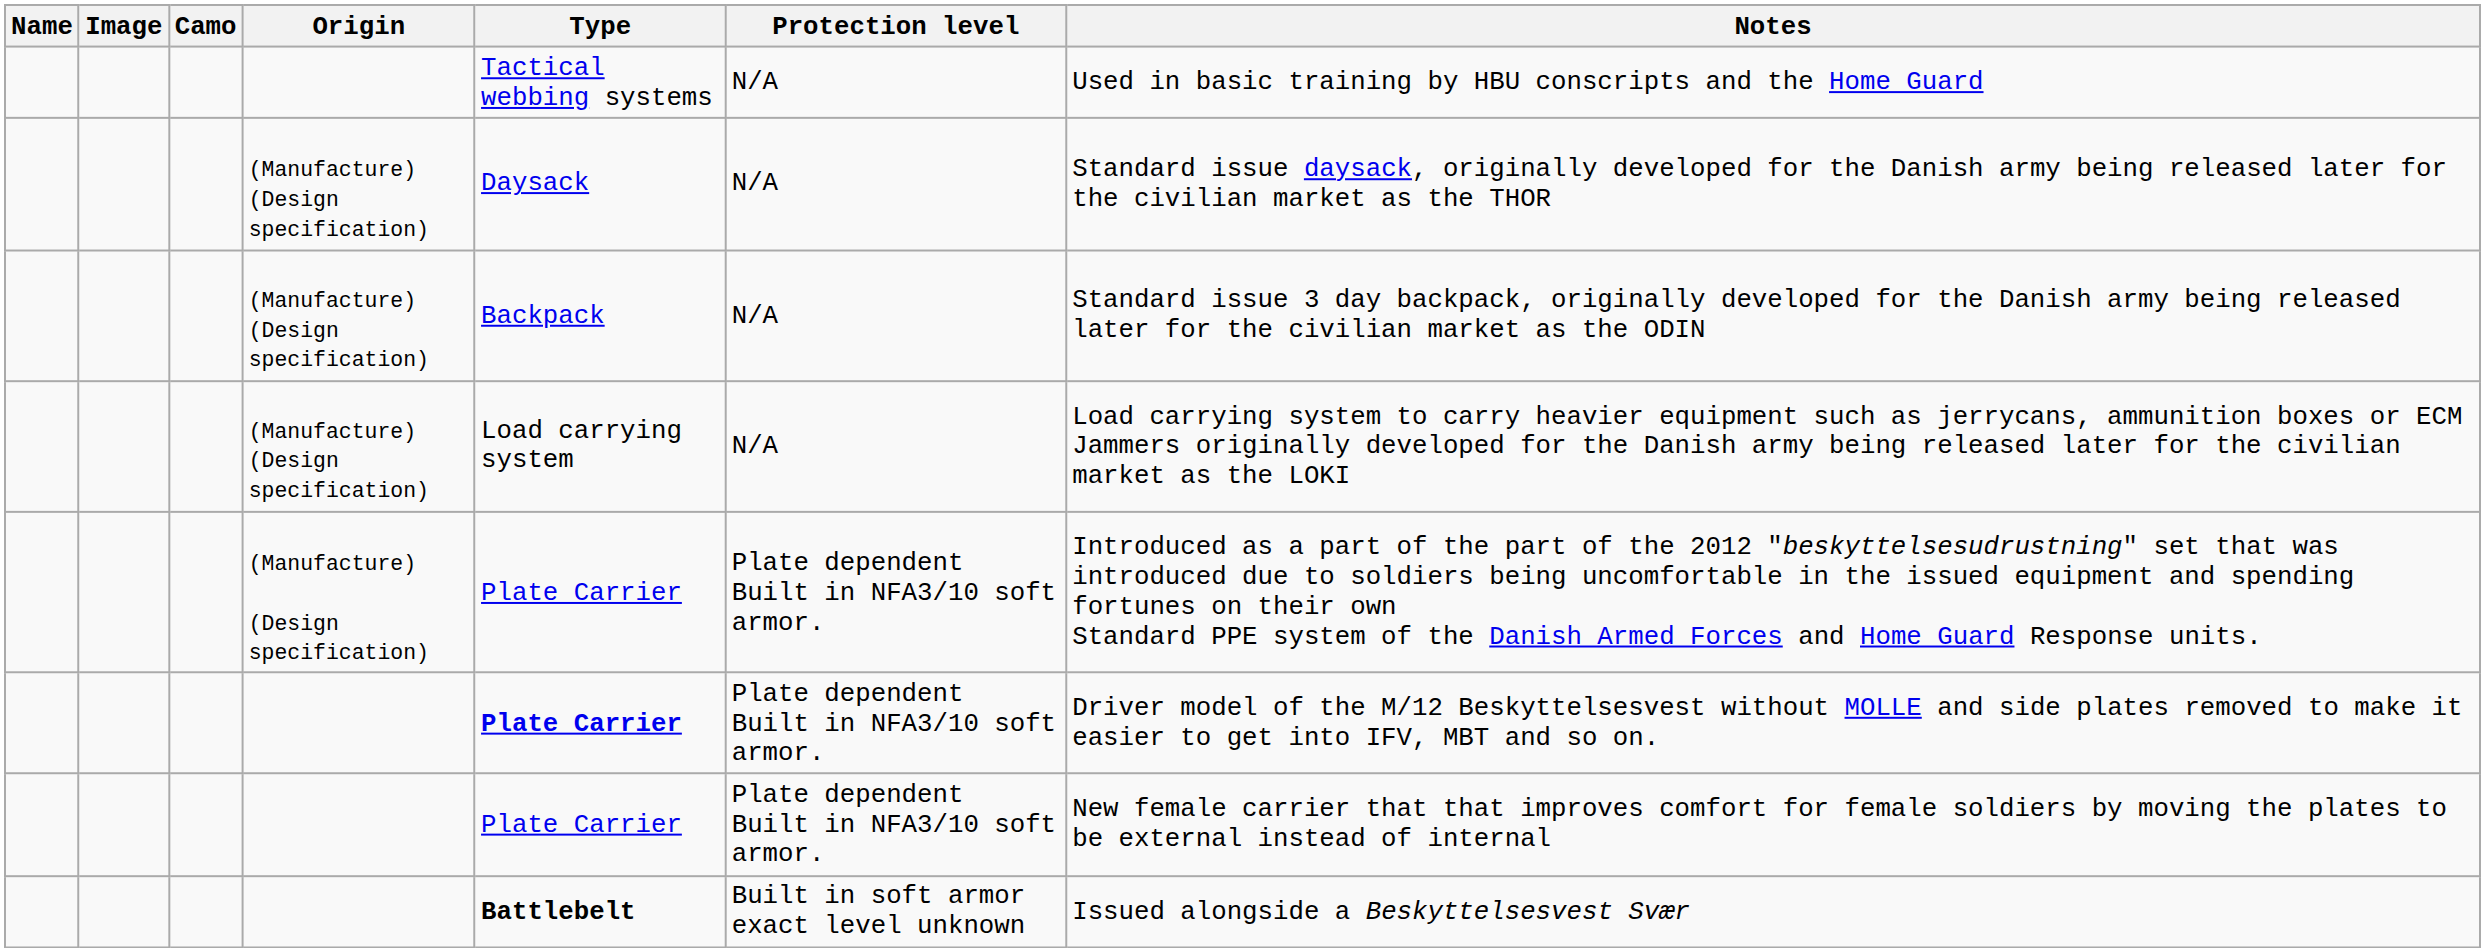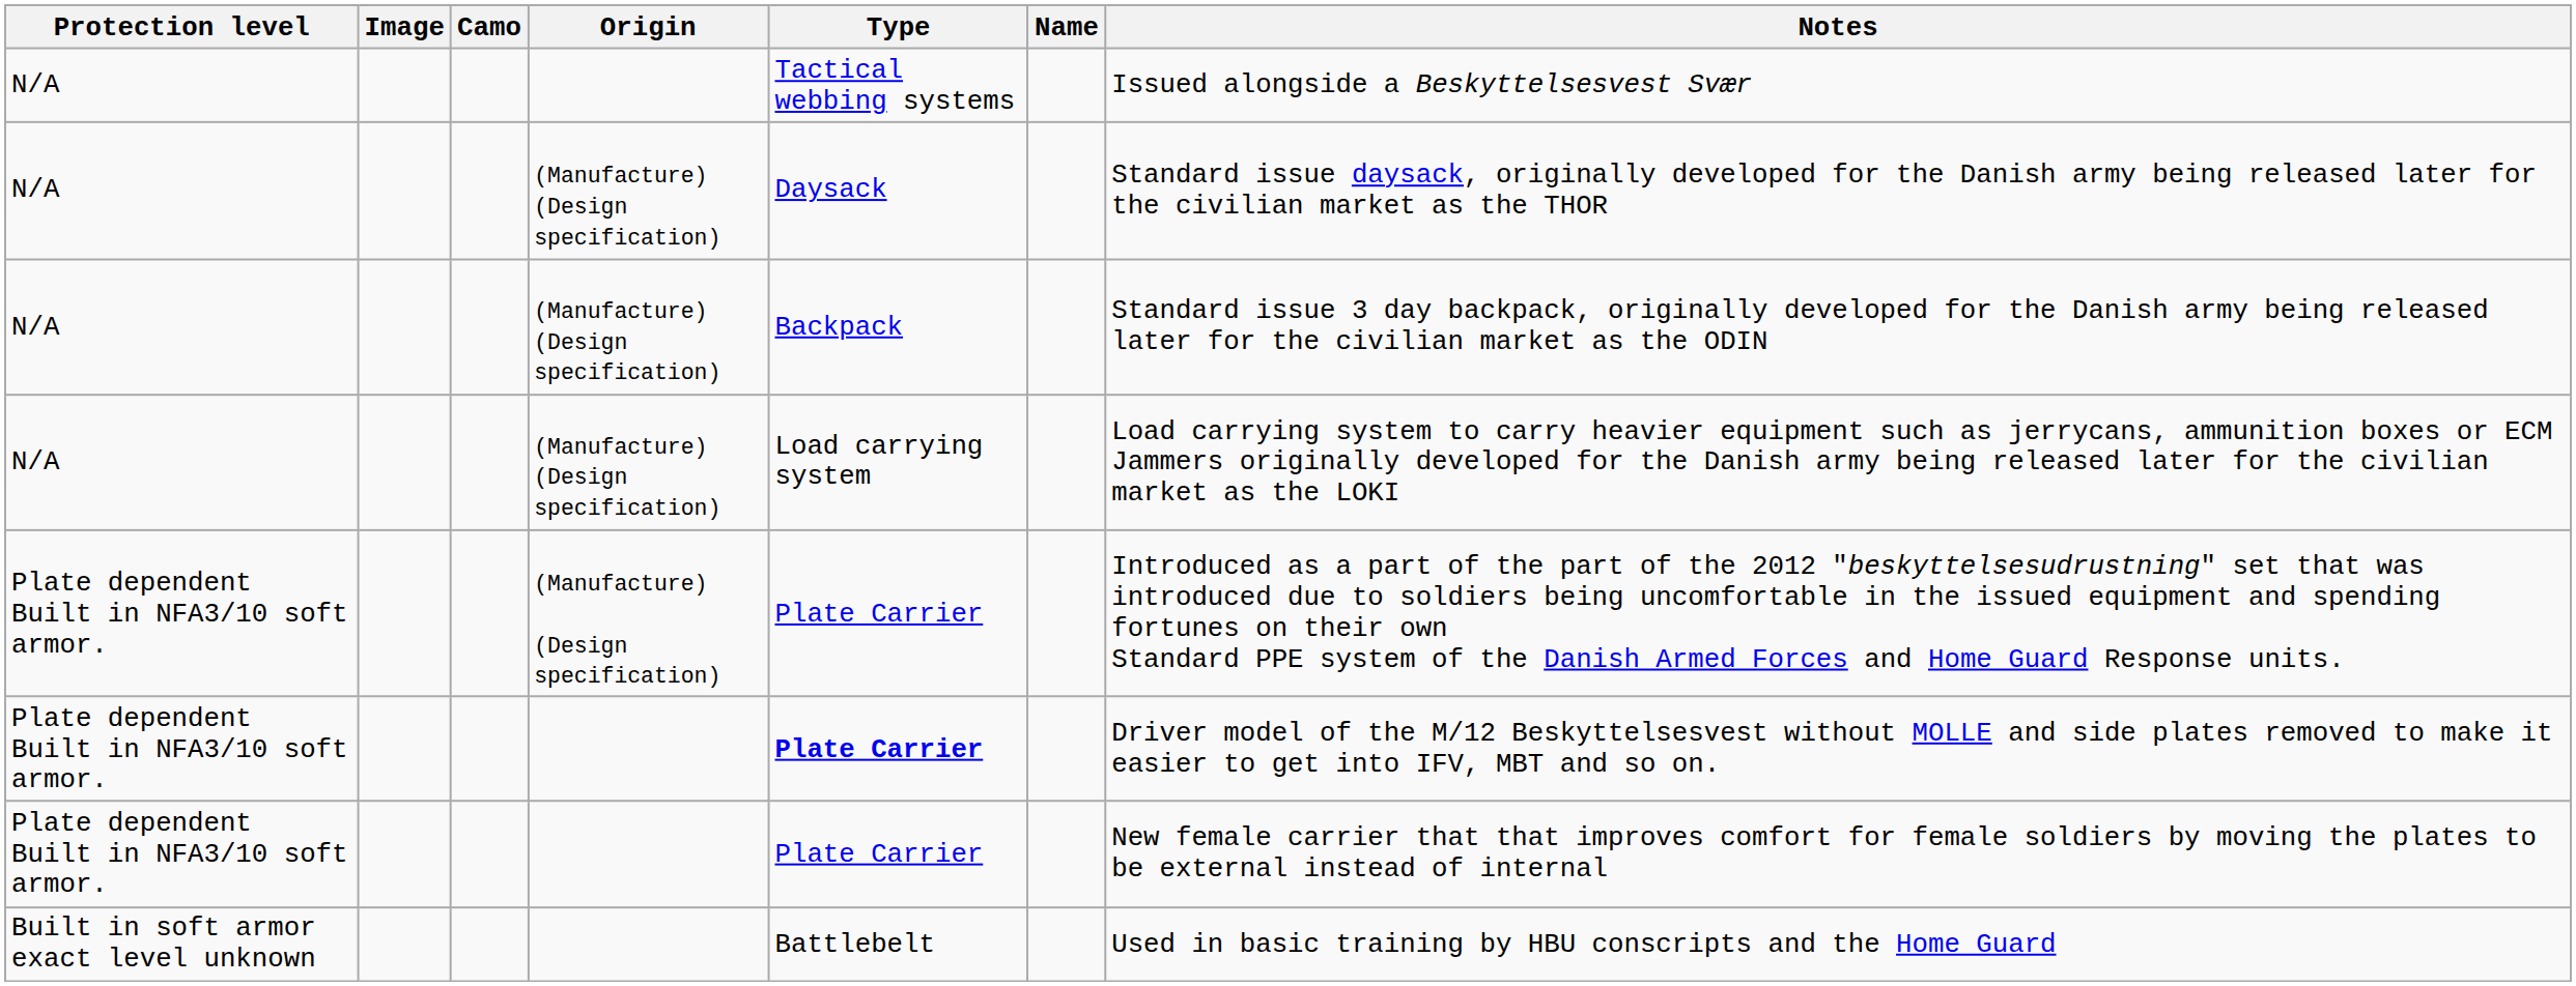 <table class="wikitable">
 <tr>
-<th>Name</th>
+<th>Protection level</th>
 <th>Image</th>
 <th>Camo</th>
 <th>Origin</th>
 <th>Type</th>
-<th>Protection level</th>
+<th>Name</th>
 <th>Notes</th>
 </tr>
 <tr>
-<td></td>
+<td>N/A</td>
 <td></td>
 <td></td>
 <td></td>
 <td><a href='#'>Tactical</a> <a href='#'>webbing</a> systems</td>
-<td>N/A</td>
-<td>Used in basic training by HBU conscripts and the <a href='#'>Home Guard</a></td>
+<td></td>
+<td>Issued alongside a <em>Beskyttelsesvest Svær</em></td>
 </tr>
 <tr>
-<td></td>
+<td>N/A</td>
 <td></td>
 <td></td>
 <td><br><small>(Manufacture)</small><br><small>(Design specification)</small></td>
 <td><a href='#'>Daysack</a></td>
-<td>N/A</td>
+<td></td>
 <td>Standard issue <a href='#'>daysack</a>, originally developed for the Danish army being released later for the civilian market as the THOR</td>
 </tr>
 <tr>
-<td></td>
+<td>N/A</td>
 <td></td>
 <td></td>
 <td><br><small>(Manufacture)</small><br><small>(Design specification)</small></td>
 <td><a href='#'>Backpack</a></td>
-<td>N/A</td>
+<td></td>
 <td>Standard issue 3 day backpack, originally developed for the Danish army being released later for the civilian market as the ODIN</td>
 </tr>
 <tr>
-<td></td>
+<td>N/A</td>
 <td></td>
 <td></td>
 <td><br><small>(Manufacture)</small><br><small>(Design specification)</small></td>
 <td>Load carrying system</td>
-<td>N/A</td>
+<td></td>
 <td>Load carrying system to carry heavier equipment such as jerrycans, ammunition boxes or ECM Jammers originally developed for the Danish army being released later for the civilian market as the LOKI</td>
 </tr>
 <tr>
-<td></td>
+<td>Plate dependent<br>Built in NFA3/10 soft armor.</td>
 <td></td>
 <td></td>
 <td><br><small>(Manufacture)</small><br><br><small>(Design specification)</small></td>
 <td><a href='#'>Plate Carrier</a></td>
-<td>Plate dependent<br>Built in NFA3/10 soft armor.</td>
+<td></td>
 <td>Introduced as a part of the part of the 2012 "<em>beskyttelsesudrustning</em>" set that was introduced due to soldiers being uncomfortable in the issued equipment and spending fortunes on their own<br>Standard PPE system of the <a href='#'>Danish Armed Forces</a> and <a href='#'>Home Guard</a> Response units.</td>
 </tr>
 <tr>
-<td></td>
+<td>Plate dependent<br>Built in NFA3/10 soft armor.</td>
 <td></td>
 <td></td>
 <td><br></td>
 <td><strong><a href='#'>Plate Carrier</a></strong></td>
-<td>Plate dependent<br>Built in NFA3/10 soft armor.</td>
+<td></td>
 <td>Driver model of the M/12 Beskyttelsesvest without <a href='#'>MOLLE</a> and side plates removed to make it easier to get into IFV, MBT and so on.</td>
 </tr>
 <tr>
-<td></td>
+<td>Plate dependent<br>Built in NFA3/10 soft armor.</td>
 <td></td>
 <td></td>
 <td><br></td>
 <td><a href='#'>Plate Carrier</a></td>
-<td>Plate dependent<br>Built in NFA3/10 soft armor.</td>
+<td></td>
 <td>New female carrier that that improves comfort for female soldiers by moving the plates to be external instead of internal</td>
 </tr>
 <tr>
-<td></td>
+<td>Built in soft armor exact level unknown</td>
 <td></td>
 <td></td>
 <td><br></td>
-<td><strong>Battlebelt</strong></td>
-<td>Built in soft armor exact level unknown</td>
-<td>Issued alongside a <em>Beskyttelsesvest Svær</em></td>
+<td>Battlebelt</td>
+<td></td>
+<td>Used in basic training by HBU conscripts and the <a href='#'>Home Guard</a></td>
 </tr>
 </table>
